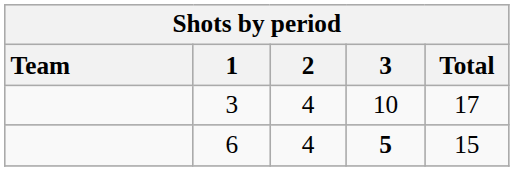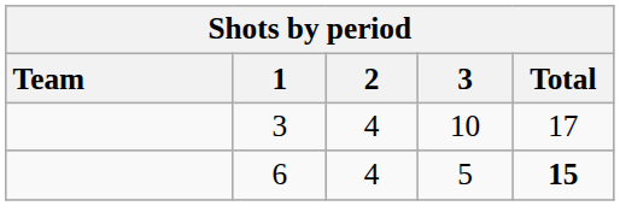 <table class="wikitable" style="width:20em; text-align:right;">
 <tr>
 <th colspan=6>Shots by period</th>
 </tr>
 <tr>
 <th style="width:8em; text-align:left;">Team</th>
 <th style="width:3em;">1</th>
 <th style="width:3em;">2</th>
 <th style="width:3em;">3</th>
 <th style="width:3em;">Total</th>
 </tr>
 <tr>
 <td style="text-align:left;"></td>
 <td align=center>3</td>
 <td align=center>4</td>
 <td align=center>10</td>
 <td align=center>17</td>
 </tr>
 <tr>
 <td style="text-align:left;"></td>
 <td align=center>6</td>
 <td align=center>4</td>
-<td align=center><strong>5</strong></td>
-<td align=center>15</td>
+<td align=center>5</td>
+<td align=center><strong>15</strong></td>
 </tr>
 </table>
